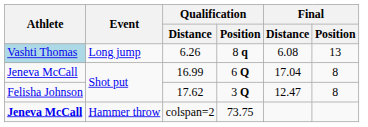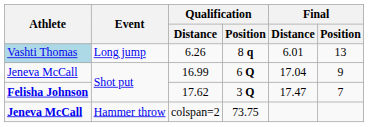 <table class=wikitable style="font-size:90%">
 <tr>
 <th rowspan=2>Athlete</th>
 <th rowspan=2>Event</th>
 <th colspan=2>Qualification</th>
 <th colspan=2>Final</th>
 </tr>
 <tr>
 <th>Distance</th>
 <th>Position</th>
 <th>Distance</th>
 <th>Position</th>
 </tr>
 <tr align=center>
 <td align=left style="background: lightblue;"><a href='#'>Vashti Thomas</a></td>
 <td align=left><a href='#'>Long jump</a></td>
 <td>6.26</td>
 <td>8 <strong>q</strong></td>
-<td>6.08</td>
+<td>6.01</td>
 <td>13</td>
 </tr>
 <tr align=center>
 <td align=left><a href='#'>Jeneva McCall</a></td>
 <td align=left rowspan=2><a href='#'>Shot put</a></td>
 <td>16.99</td>
 <td>6 <strong>Q</strong></td>
 <td>17.04</td>
-<td>8</td>
+<td>9</td>
 </tr>
 <tr align=center>
-<td align=left><a href='#'>Felisha Johnson</a></td>
+<td align=left><strong><a href='#'>Felisha Johnson</a></strong></td>
 <td>17.62</td>
 <td>3 <strong>Q</strong></td>
-<td>12.47</td>
-<td>8</td>
+<td>17.47</td>
+<td>7</td>
 </tr>
 <tr align=center>
 <td align=left><strong><a href='#'>Jeneva McCall</a></strong></td>
 <td align=left><a href='#'>Hammer throw</a></td>
 <td>colspan=2 </td>
 <td>73.75</td>
 <td></td>
 </tr>
 </table>
